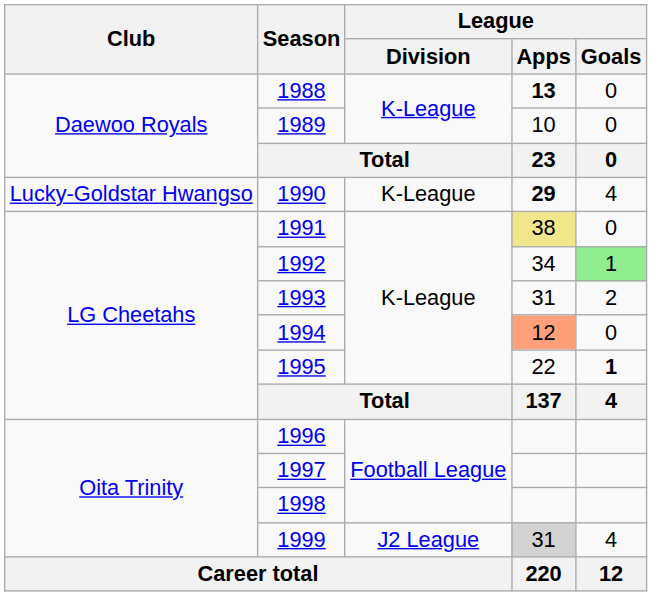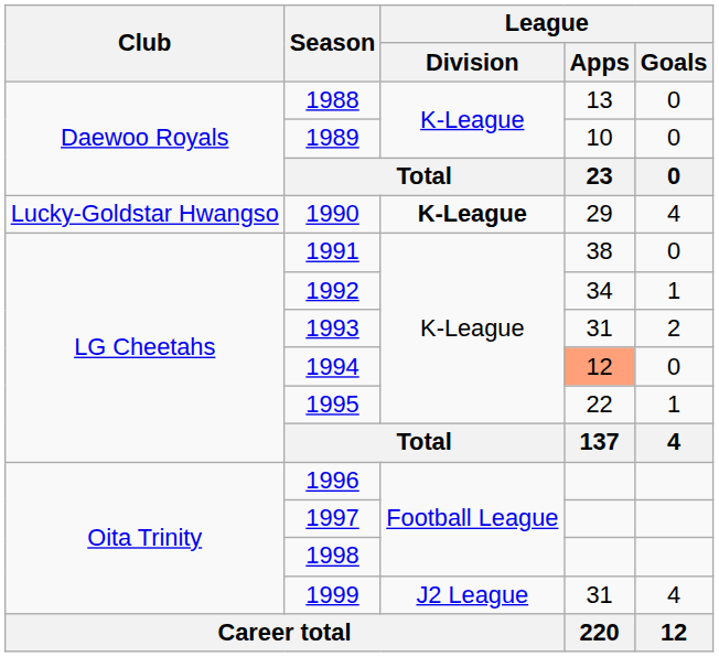 <table class="wikitable" style="text-align:center">
 <tr>
 <th rowspan="2">Club</th>
 <th rowspan="2">Season</th>
 <th colspan="3">League</th>
 </tr>
 <tr>
 <th>Division</th>
 <th>Apps</th>
 <th>Goals</th>
 </tr>
 <tr>
 <td rowspan="3"><a href='#'>Daewoo Royals</a></td>
 <td><a href='#'>1988</a></td>
 <td rowspan="2"><a href='#'>K-League</a></td>
-<td><strong>13</strong></td>
+<td>13</td>
 <td>0</td>
 </tr>
 <tr>
 <td><a href='#'>1989</a></td>
 <td>10</td>
 <td>0</td>
 </tr>
 <tr>
 <th colspan="2">Total</th>
 <th>23</th>
 <th>0</th>
 </tr>
 <tr>
 <td><a href='#'>Lucky-Goldstar Hwangso</a></td>
 <td><a href='#'>1990</a></td>
-<td>K-League</td>
-<td><strong>29</strong></td>
+<td><strong>K-League</strong></td>
+<td>29</td>
 <td>4</td>
 </tr>
 <tr>
 <td rowspan="6"><a href='#'>LG Cheetahs</a></td>
 <td><a href='#'>1991</a></td>
 <td rowspan="5">K-League</td>
-<td style="background: khaki;">38</td>
+<td>38</td>
 <td>0</td>
 </tr>
 <tr>
 <td><a href='#'>1992</a></td>
 <td>34</td>
-<td style="background: lightgreen;">1</td>
+<td>1</td>
 </tr>
 <tr>
 <td><a href='#'>1993</a></td>
 <td>31</td>
 <td>2</td>
 </tr>
 <tr>
 <td><a href='#'>1994</a></td>
 <td style="background: lightsalmon;">12</td>
 <td>0</td>
 </tr>
 <tr>
 <td><a href='#'>1995</a></td>
 <td>22</td>
-<td><strong>1</strong></td>
+<td>1</td>
 </tr>
 <tr>
 <th colspan="2">Total</th>
 <th>137</th>
 <th>4</th>
 </tr>
 <tr>
 <td rowspan="4"><a href='#'>Oita Trinity</a></td>
 <td><a href='#'>1996</a></td>
 <td rowspan="3"><a href='#'>Football League</a></td>
 <td></td>
 <td></td>
 </tr>
 <tr>
 <td><a href='#'>1997</a></td>
 <td></td>
 <td></td>
 </tr>
 <tr>
 <td><a href='#'>1998</a></td>
 <td></td>
 <td></td>
 </tr>
 <tr>
 <td><a href='#'>1999</a></td>
 <td><a href='#'>J2 League</a></td>
-<td style="background: lightgrey;">31</td>
+<td>31</td>
 <td>4</td>
 </tr>
 <tr>
 <th colspan="3">Career total</th>
 <th>220</th>
 <th>12</th>
 </tr>
 </table>
